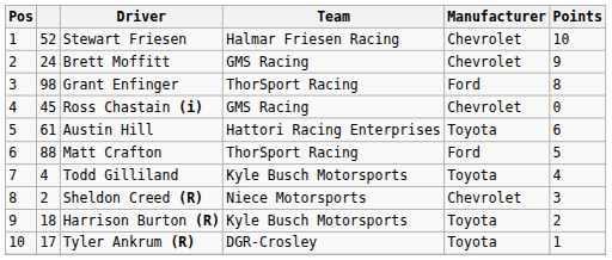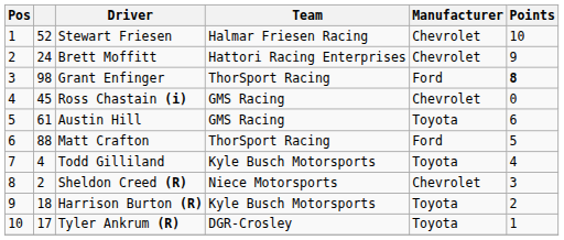 <table class="wikitable" style="font-size:98%">
 <tr>
 <th>Pos</th>
 <th></th>
 <th>Driver</th>
 <th>Team</th>
 <th>Manufacturer</th>
 <th>Points</th>
 </tr>
 <tr>
 <td>1</td>
 <td>52</td>
 <td>Stewart Friesen</td>
 <td>Halmar Friesen Racing</td>
 <td>Chevrolet</td>
 <td>10</td>
 </tr>
 <tr>
 <td>2</td>
 <td>24</td>
 <td>Brett Moffitt</td>
-<td>GMS Racing</td>
+<td>Hattori Racing Enterprises</td>
 <td>Chevrolet</td>
 <td>9</td>
 </tr>
 <tr>
 <td>3</td>
 <td>98</td>
 <td>Grant Enfinger</td>
 <td>ThorSport Racing</td>
 <td>Ford</td>
-<td>8</td>
+<td><strong>8</strong></td>
 </tr>
 <tr>
 <td>4</td>
 <td>45</td>
 <td>Ross Chastain <strong>(i)</strong></td>
 <td>GMS Racing</td>
 <td>Chevrolet</td>
 <td>0</td>
 </tr>
 <tr>
 <td>5</td>
 <td>61</td>
 <td>Austin Hill</td>
-<td>Hattori Racing Enterprises</td>
+<td>GMS Racing</td>
 <td>Toyota</td>
 <td>6</td>
 </tr>
 <tr>
 <td>6</td>
 <td>88</td>
 <td>Matt Crafton</td>
 <td>ThorSport Racing</td>
 <td>Ford</td>
 <td>5</td>
 </tr>
 <tr>
 <td>7</td>
 <td>4</td>
 <td>Todd Gilliland</td>
 <td>Kyle Busch Motorsports</td>
 <td>Toyota</td>
 <td>4</td>
 </tr>
 <tr>
 <td>8</td>
 <td>2</td>
 <td>Sheldon Creed <strong>(R)</strong></td>
 <td>Niece Motorsports</td>
 <td>Chevrolet</td>
 <td>3</td>
 </tr>
 <tr>
 <td>9</td>
 <td>18</td>
 <td>Harrison Burton <strong>(R)</strong></td>
 <td>Kyle Busch Motorsports</td>
 <td>Toyota</td>
 <td>2</td>
 </tr>
 <tr>
 <td>10</td>
 <td>17</td>
 <td>Tyler Ankrum <strong>(R)</strong></td>
 <td>DGR-Crosley</td>
 <td>Toyota</td>
 <td>1</td>
 </tr>
 <tr>
 </tr>
 </table>
